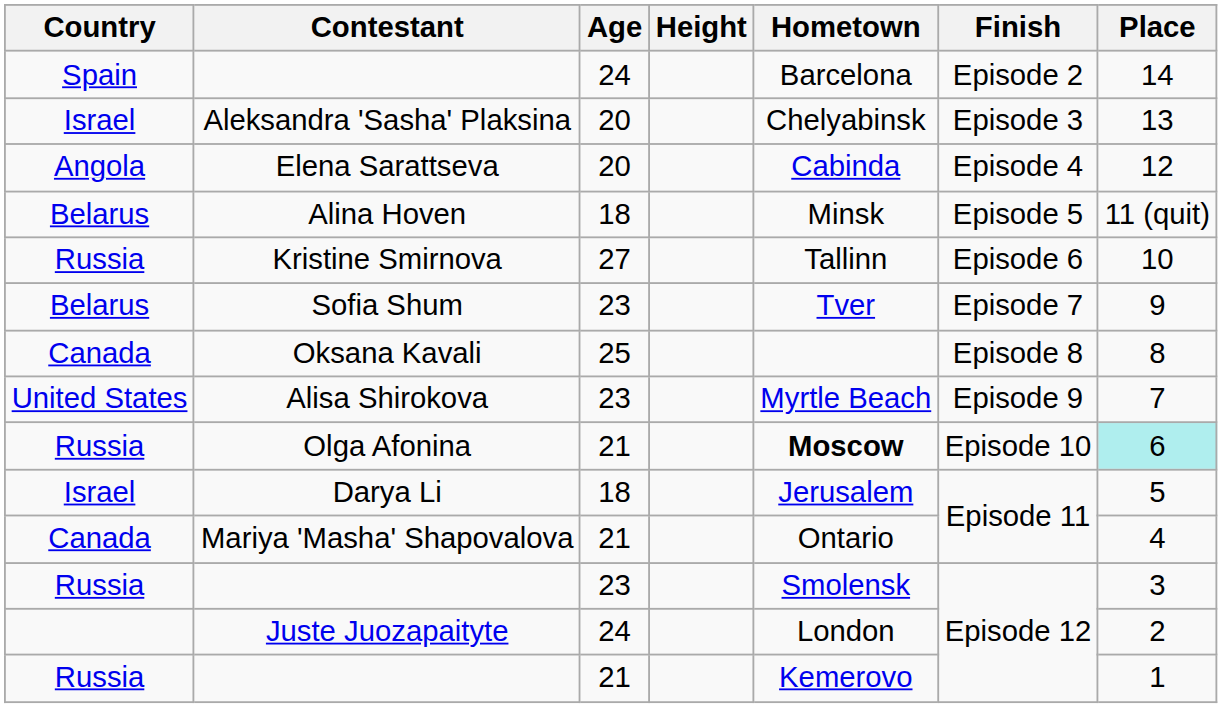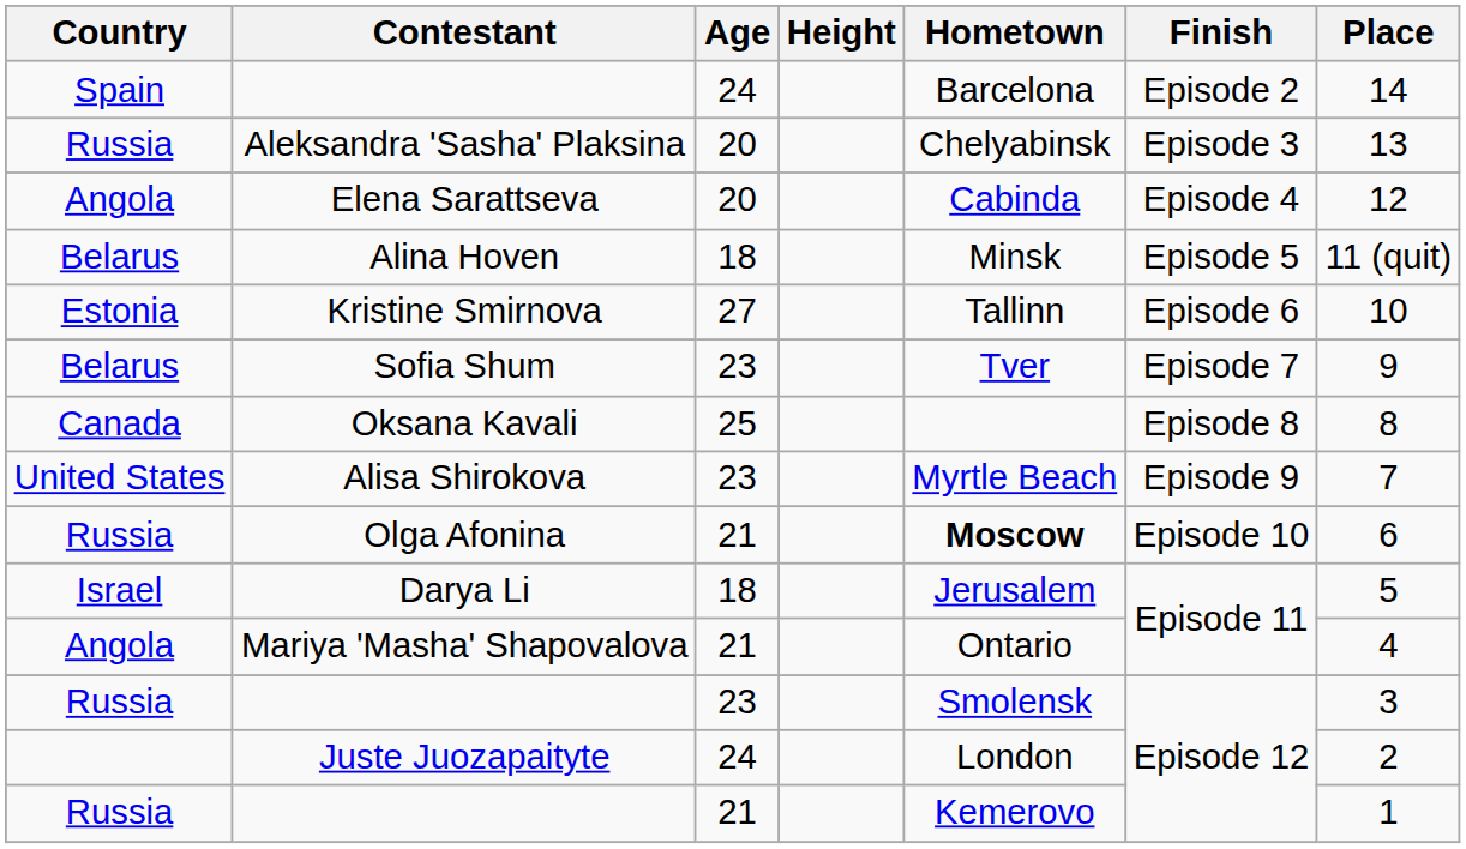 <table class="wikitable sortable" style="text-align:center;">
 <tr>
 <th>Country</th>
 <th>Contestant</th>
 <th>Age</th>
 <th>Height</th>
 <th>Hometown</th>
 <th>Finish</th>
 <th>Place</th>
 </tr>
 <tr>
 <td><a href='#'>Spain</a></td>
 <td></td>
 <td>24</td>
 <td></td>
 <td>Barcelona</td>
 <td>Episode 2</td>
 <td>14</td>
 </tr>
 <tr>
-<td><a href='#'>Israel</a></td>
+<td><a href='#'>Russia</a></td>
 <td>Aleksandra 'Sasha' Plaksina</td>
 <td>20</td>
 <td></td>
 <td>Chelyabinsk</td>
 <td>Episode 3</td>
 <td>13</td>
 </tr>
 <tr>
 <td><a href='#'>Angola</a></td>
 <td>Elena Sarattseva</td>
 <td>20</td>
 <td></td>
 <td><a href='#'>Cabinda</a></td>
 <td>Episode 4</td>
 <td>12</td>
 </tr>
 <tr>
 <td><a href='#'>Belarus</a></td>
 <td>Alina Hoven</td>
 <td>18</td>
 <td></td>
 <td>Minsk</td>
 <td>Episode 5</td>
 <td>11 (quit)</td>
 </tr>
 <tr>
-<td><a href='#'>Russia</a></td>
+<td><a href='#'>Estonia</a></td>
 <td>Kristine Smirnova</td>
 <td>27</td>
 <td></td>
 <td>Tallinn</td>
 <td>Episode 6</td>
 <td>10</td>
 </tr>
 <tr>
 <td><a href='#'>Belarus</a></td>
 <td>Sofia Shum</td>
 <td>23</td>
 <td></td>
 <td><a href='#'>Tver</a></td>
 <td>Episode 7</td>
 <td>9</td>
 </tr>
 <tr>
 <td><a href='#'>Canada</a></td>
 <td>Oksana Kavali</td>
 <td>25</td>
 <td></td>
 <td></td>
 <td>Episode 8</td>
 <td>8</td>
 </tr>
 <tr>
 <td><a href='#'>United States</a></td>
 <td>Alisa Shirokova</td>
 <td>23</td>
 <td></td>
 <td><a href='#'>Myrtle Beach</a></td>
 <td>Episode 9</td>
 <td>7</td>
 </tr>
 <tr>
 <td><a href='#'>Russia</a></td>
 <td>Olga Afonina</td>
 <td>21</td>
 <td></td>
 <td><strong>Moscow</strong></td>
 <td>Episode 10</td>
-<td style="background: paleturquoise;">6</td>
+<td>6</td>
 </tr>
 <tr>
 <td><a href='#'>Israel</a></td>
 <td>Darya Li</td>
 <td>18</td>
 <td></td>
 <td><a href='#'>Jerusalem</a></td>
 <td rowspan="2">Episode 11</td>
 <td>5</td>
 </tr>
 <tr>
-<td><a href='#'>Canada</a></td>
+<td><a href='#'>Angola</a></td>
 <td>Mariya 'Masha' Shapovalova</td>
 <td>21</td>
 <td></td>
 <td>Ontario</td>
 <td>4</td>
 </tr>
 <tr>
 <td><a href='#'>Russia</a></td>
 <td></td>
 <td>23</td>
 <td></td>
 <td><a href='#'>Smolensk</a></td>
 <td rowspan="3">Episode 12</td>
 <td>3</td>
 </tr>
 <tr>
 <td></td>
 <td><a href='#'>Juste Juozapaityte</a></td>
 <td>24</td>
 <td></td>
 <td>London</td>
 <td>2</td>
 </tr>
 <tr>
 <td><a href='#'>Russia</a></td>
 <td></td>
 <td>21</td>
 <td></td>
 <td><a href='#'>Kemerovo</a></td>
 <td>1</td>
 </tr>
 </table>
